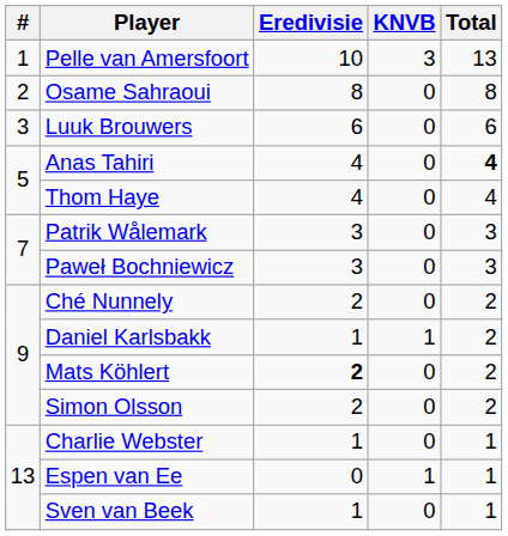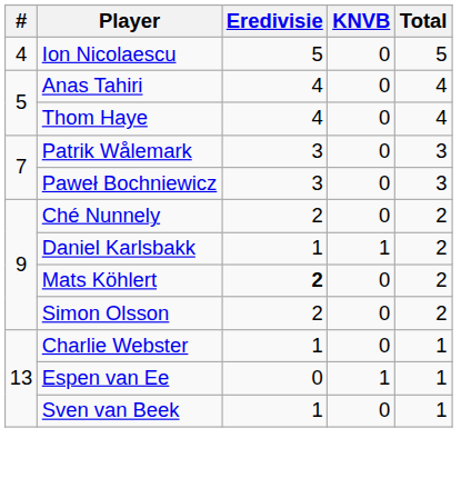 <table class="wikitable" style="text-align:right;">
 <tr>
 <th>#</th>
 <th>Player</th>
 <th><a href='#'>Eredivisie</a></th>
 <th><a href='#'>KNVB</a></th>
 <th>Total</th>
 </tr>
 <tr>
-<td align=center>1</td>
-<td align=left> <a href='#'>Pelle van Amersfoort</a></td>
-<td>10</td>
-<td>3</td>
-<td>13</td>
-</tr>
-<tr>
-<td align=center>2</td>
-<td align=left> <a href='#'>Osame Sahraoui</a></td>
-<td>8</td>
+<td align=center>4</td>
+<td align=left> <a href='#'>Ion Nicolaescu</a></td>
+<td>5</td>
 <td>0</td>
-<td>8</td>
-</tr>
-<tr>
-<td align=center>3</td>
-<td align=left> <a href='#'>Luuk Brouwers</a></td>
-<td>6</td>
-<td>0</td>
-<td>6</td>
+<td>5</td>
 </tr>
 <tr>
 <td align=center rowspan=2>5</td>
 <td align=left> <a href='#'>Anas Tahiri</a></td>
 <td>4</td>
 <td>0</td>
-<td><strong>4</strong></td>
+<td>4</td>
 </tr>
 <tr>
 <td align=left> <a href='#'>Thom Haye</a></td>
 <td>4</td>
 <td>0</td>
 <td>4</td>
 </tr>
 <tr>
 <td align=center rowspan=2>7</td>
 <td align=left> <a href='#'>Patrik Wålemark</a></td>
 <td>3</td>
 <td>0</td>
 <td>3</td>
 </tr>
 <tr>
 <td align=left> <a href='#'>Paweł Bochniewicz</a></td>
 <td>3</td>
 <td>0</td>
 <td>3</td>
 </tr>
 <tr>
 <td align=center rowspan=4>9</td>
 <td align=left> <a href='#'>Ché Nunnely</a></td>
 <td>2</td>
 <td>0</td>
 <td>2</td>
 </tr>
 <tr>
 <td align=left> <a href='#'>Daniel Karlsbakk</a></td>
 <td>1</td>
 <td>1</td>
 <td>2</td>
 </tr>
 <tr>
 <td align=left> <a href='#'>Mats Köhlert</a></td>
 <td><strong>2</strong></td>
 <td>0</td>
 <td>2</td>
 </tr>
 <tr>
 <td align=left> <a href='#'>Simon Olsson</a></td>
 <td>2</td>
 <td>0</td>
 <td>2</td>
 </tr>
 <tr>
 <td align=center rowspan=3>13</td>
 <td align=left> <a href='#'>Charlie Webster</a></td>
 <td>1</td>
 <td>0</td>
 <td>1</td>
 </tr>
 <tr>
 <td align=left> <a href='#'>Espen van Ee</a></td>
 <td>0</td>
 <td>1</td>
 <td>1</td>
 </tr>
 <tr>
 <td align=left> <a href='#'>Sven van Beek</a></td>
 <td>1</td>
 <td>0</td>
 <td>1</td>
 </tr>
 </table>
